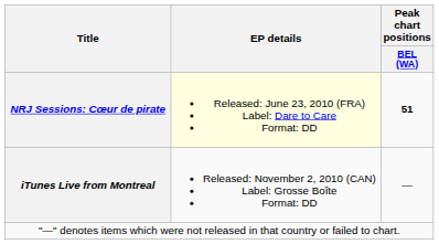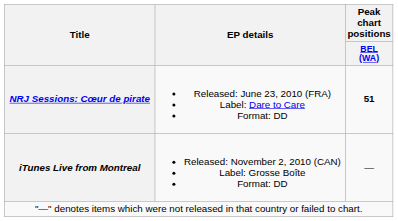 <table class="wikitable plainrowheaders" style="text-align:center;">
 <tr>
 <th scope="col" rowspan="2" style="width:15em;">Title</th>
 <th scope="col" rowspan="2" style="width:19em;">EP details</th>
 <th scope="col" colspan="1">Peak chart positions</th>
 </tr>
 <tr>
 <th style="width:3em;font-size:90%"><a href='#'>BEL<br>(WA)</a><br></th>
 </tr>
 <tr>
 <th scope="row"><em><a href='#'>NRJ Sessions: Cœur de pirate</a></em></th>
-<td style="background: lightyellow;"><br><ul><li>Released: June 23, 2010 <span>(FRA)</span></li><li>Label: <a href='#'>Dare to Care</a></li><li>Format: DD</li></ul></td>
+<td><br><ul><li>Released: June 23, 2010 <span>(FRA)</span></li><li>Label: <a href='#'>Dare to Care</a></li><li>Format: DD</li></ul></td>
 <td><strong>51</strong></td>
 </tr>
 <tr>
 <th scope="row"><em>iTunes Live from Montreal</em></th>
 <td><br><ul><li>Released: November 2, 2010 <span>(CAN)</span></li><li>Label: Grosse Boîte</li><li>Format: DD</li></ul></td>
 <td>—</td>
 </tr>
 <tr>
 <td colspan="14">"—" denotes items which were not released in that country or failed to chart.</td>
 </tr>
 </table>
